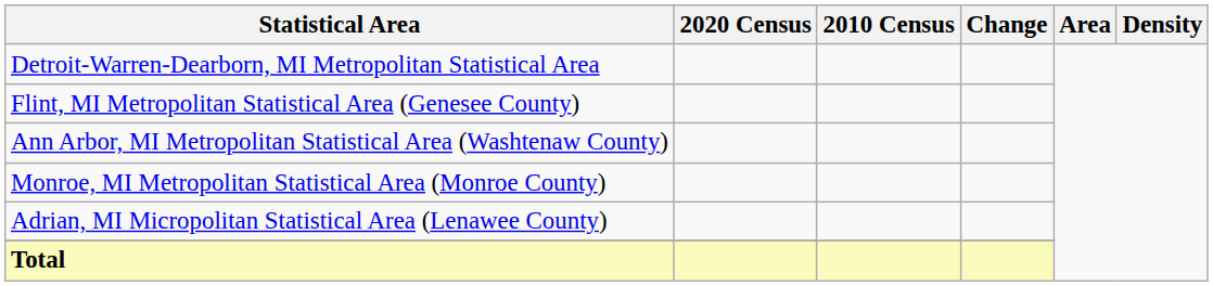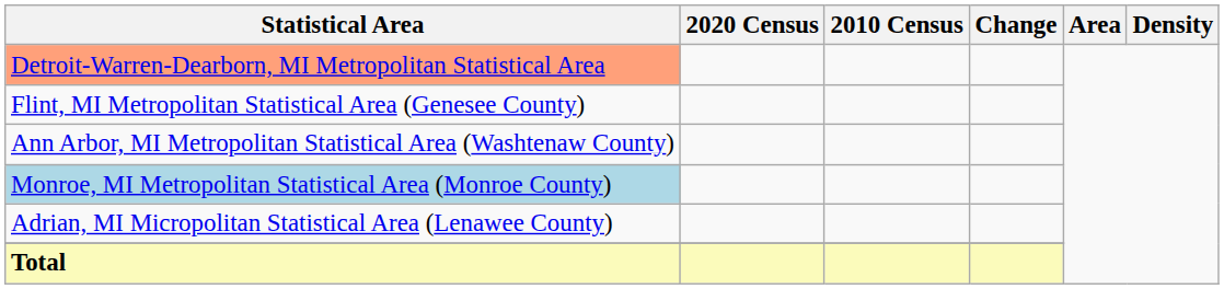 <table class="wikitable sortable">
 <tr>
 <th>Statistical Area</th>
 <th>2020 Census</th>
 <th>2010 Census</th>
 <th>Change</th>
 <th>Area</th>
 <th>Density</th>
 </tr>
 <tr>
-<td><a href='#'>Detroit-Warren-Dearborn, MI Metropolitan Statistical Area</a></td>
+<td style="background: lightsalmon;"><a href='#'>Detroit-Warren-Dearborn, MI Metropolitan Statistical Area</a></td>
 <td></td>
 <td></td>
 <td></td>
 </tr>
 <tr>
 <td><a href='#'>Flint, MI Metropolitan Statistical Area</a> (<a href='#'>Genesee County</a>)</td>
 <td></td>
 <td></td>
 <td></td>
 </tr>
 <tr>
 <td><a href='#'>Ann Arbor, MI Metropolitan Statistical Area</a> (<a href='#'>Washtenaw County</a>)</td>
 <td></td>
 <td></td>
 <td></td>
 </tr>
 <tr>
-<td><a href='#'>Monroe, MI Metropolitan Statistical Area</a> (<a href='#'>Monroe County</a>)</td>
+<td style="background: lightblue;"><a href='#'>Monroe, MI Metropolitan Statistical Area</a> (<a href='#'>Monroe County</a>)</td>
 <td></td>
 <td></td>
 <td></td>
 </tr>
 <tr>
 <td><a href='#'>Adrian, MI Micropolitan Statistical Area</a> (<a href='#'>Lenawee County</a>)</td>
 <td></td>
 <td></td>
 <td></td>
 </tr>
 <tr>
 </tr>
 <tr class=sortbottom style="background:#fbfbbb">
 <td><strong>Total</strong></td>
 <td></td>
 <td></td>
 <td></td>
 </tr>
 </table>
